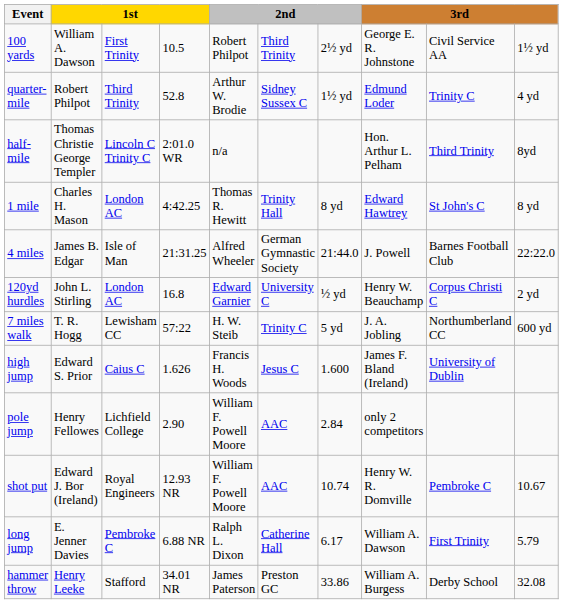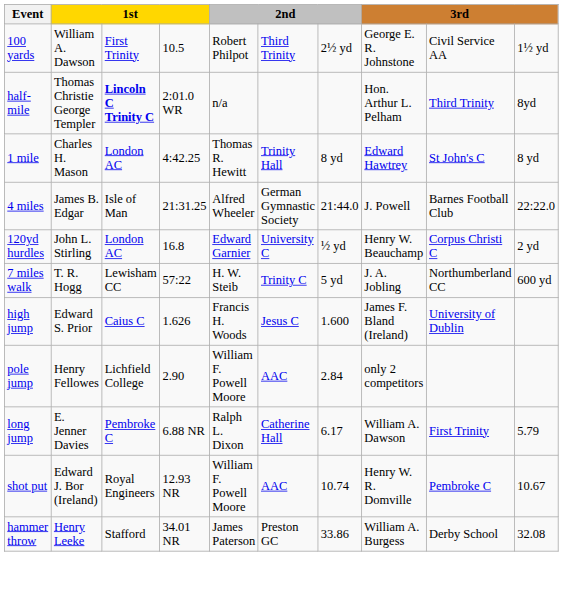 <table class="wikitable" style="text-align:left">
 <tr>
 <th width=100>Event</th>
 <th colspan="3" width="380" style="background:gold;">1st</th>
 <th colspan="3" width="380" style="background:silver;">2nd</th>
 <th colspan="3" width="380" style="background:#CD7F32;">3rd</th>
 </tr>
 <tr>
 <td><a href='#'>100 yards</a></td>
 <td>William A. Dawson</td>
 <td><a href='#'>First Trinity</a></td>
 <td>10.5</td>
 <td>Robert Philpot</td>
 <td><a href='#'>Third Trinity</a></td>
 <td>2½ yd</td>
 <td>George E. R. Johnstone</td>
 <td>Civil Service AA</td>
 <td>1½ yd</td>
 </tr>
 <tr>
-<td><a href='#'>quarter-mile</a></td>
-<td>Robert Philpot</td>
-<td><a href='#'>Third Trinity</a></td>
-<td>52.8</td>
-<td>Arthur W. Brodie</td>
-<td><a href='#'>Sidney Sussex C</a></td>
-<td>1½ yd</td>
-<td><a href='#'>Edmund Loder</a></td>
-<td><a href='#'>Trinity C</a></td>
-<td>4 yd</td>
-</tr>
-<tr>
 <td><a href='#'>half-mile</a></td>
 <td>Thomas Christie<br>George Templer</td>
-<td><a href='#'>Lincoln C</a><br><a href='#'>Trinity C</a></td>
+<td><strong><a href='#'>Lincoln C</a><br><a href='#'>Trinity C</a></strong></td>
 <td>2:01.0 WR</td>
 <td>n/a</td>
 <td></td>
 <td></td>
 <td>Hon. Arthur L. Pelham</td>
 <td><a href='#'>Third Trinity</a></td>
 <td>8yd</td>
 </tr>
 <tr>
 <td><a href='#'>1 mile</a></td>
 <td>Charles H. Mason</td>
 <td><a href='#'>London AC</a></td>
 <td>4:42.25</td>
 <td>Thomas R. Hewitt</td>
 <td><a href='#'>Trinity Hall</a></td>
 <td>8 yd</td>
 <td><a href='#'>Edward Hawtrey</a></td>
 <td><a href='#'>St John's C</a></td>
 <td>8 yd</td>
 </tr>
 <tr>
 <td><a href='#'>4 miles</a></td>
 <td>James B. Edgar</td>
 <td>Isle of Man</td>
 <td>21:31.25</td>
 <td>Alfred Wheeler</td>
 <td>German Gymnastic Society</td>
 <td>21:44.0</td>
 <td>J. Powell</td>
 <td>Barnes Football Club</td>
 <td>22:22.0</td>
 </tr>
 <tr>
 <td><a href='#'>120yd hurdles</a></td>
 <td>John L. Stirling</td>
 <td><a href='#'>London AC</a></td>
 <td>16.8</td>
 <td><a href='#'>Edward Garnier</a></td>
 <td><a href='#'>University C</a></td>
 <td>½ yd</td>
 <td>Henry W. Beauchamp</td>
 <td><a href='#'>Corpus Christi C</a></td>
 <td>2 yd</td>
 </tr>
 <tr>
 <td><a href='#'>7 miles walk</a></td>
 <td>T. R. Hogg</td>
 <td>Lewisham CC</td>
 <td>57:22</td>
 <td>H. W. Steib</td>
 <td><a href='#'>Trinity C</a></td>
 <td>5 yd</td>
 <td>J. A. Jobling</td>
 <td>Northumberland CC</td>
 <td>600 yd</td>
 </tr>
 <tr>
 <td><a href='#'>high jump</a></td>
 <td>Edward S. Prior</td>
 <td><a href='#'>Caius C</a></td>
 <td>1.626</td>
 <td>Francis H. Woods</td>
 <td><a href='#'>Jesus C</a></td>
 <td>1.600</td>
 <td>James F. Bland (Ireland)</td>
 <td><a href='#'>University of Dublin</a></td>
 <td></td>
 </tr>
 <tr>
 <td><a href='#'>pole jump</a></td>
 <td>Henry Fellowes</td>
 <td>Lichfield College</td>
 <td>2.90</td>
 <td>William F. Powell Moore</td>
 <td><a href='#'>AAC</a></td>
 <td>2.84</td>
 <td>only 2 competitors</td>
 <td></td>
 </tr>
 <tr>
+<td><a href='#'>long jump</a></td>
+<td>E. Jenner Davies</td>
+<td><a href='#'>Pembroke C</a></td>
+<td>6.88 NR</td>
+<td>Ralph L. Dixon</td>
+<td><a href='#'>Catherine Hall</a></td>
+<td>6.17</td>
+<td>William A. Dawson</td>
+<td><a href='#'>First Trinity</a></td>
+<td>5.79</td>
+</tr>
+<tr>
 <td><a href='#'>shot put</a></td>
 <td>Edward J. Bor (Ireland)</td>
 <td>Royal Engineers</td>
 <td>12.93 NR</td>
 <td>William F. Powell Moore</td>
 <td><a href='#'>AAC</a></td>
 <td>10.74</td>
 <td>Henry W. R. Domville</td>
 <td><a href='#'>Pembroke C</a></td>
 <td>10.67</td>
-</tr>
-<tr>
-<td><a href='#'>long jump</a></td>
-<td>E. Jenner Davies</td>
-<td><a href='#'>Pembroke C</a></td>
-<td>6.88 NR</td>
-<td>Ralph L. Dixon</td>
-<td><a href='#'>Catherine Hall</a></td>
-<td>6.17</td>
-<td>William A. Dawson</td>
-<td><a href='#'>First Trinity</a></td>
-<td>5.79</td>
 </tr>
 <tr>
 <td><a href='#'>hammer throw</a></td>
 <td><a href='#'>Henry Leeke</a></td>
 <td>Stafford</td>
 <td>34.01 NR</td>
 <td>James Paterson</td>
 <td>Preston GC</td>
 <td>33.86</td>
 <td>William A. Burgess</td>
 <td>Derby School</td>
 <td>32.08</td>
 </tr>
 </table>
